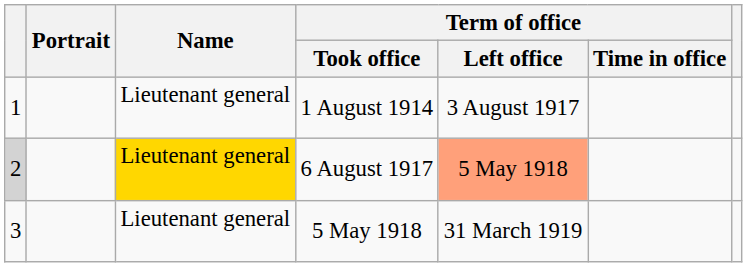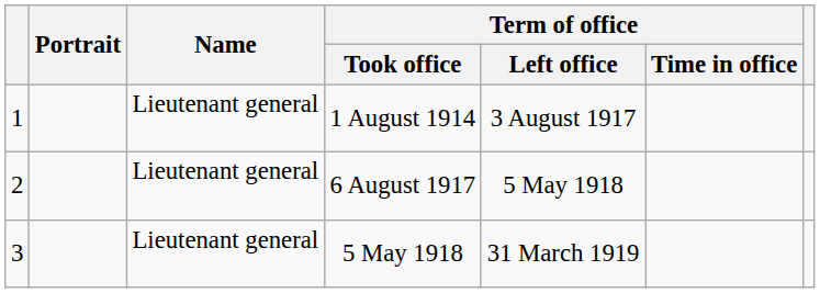 <table class="wikitable" style="text-align:center">
 <tr>
 <th rowspan=2></th>
 <th rowspan=2>Portrait</th>
 <th rowspan=2>Name<br></th>
 <th colspan=3>Term of office</th>
 <th rowspan=2></th>
 </tr>
 <tr>
 <th>Took office</th>
 <th>Left office</th>
 <th>Time in office</th>
 </tr>
 <tr>
 <td>1</td>
 <td></td>
 <td>Lieutenant general<br><strong></strong><br></td>
 <td>1 August 1914</td>
 <td>3 August 1917</td>
 <td></td>
 <td></td>
 </tr>
 <tr>
-<td style="background: lightgrey;">2</td>
+<td>2</td>
 <td></td>
-<td style="background: gold;">Lieutenant general<br><strong></strong><br></td>
+<td>Lieutenant general<br><strong></strong><br></td>
 <td>6 August 1917</td>
-<td style="background: lightsalmon;">5 May 1918</td>
+<td>5 May 1918</td>
 <td></td>
 <td><br></td>
 </tr>
 <tr>
 <td>3</td>
 <td></td>
 <td>Lieutenant general<br><strong></strong><br></td>
 <td>5 May 1918</td>
 <td>31 March 1919</td>
 <td></td>
 <td></td>
 </tr>
 </table>
